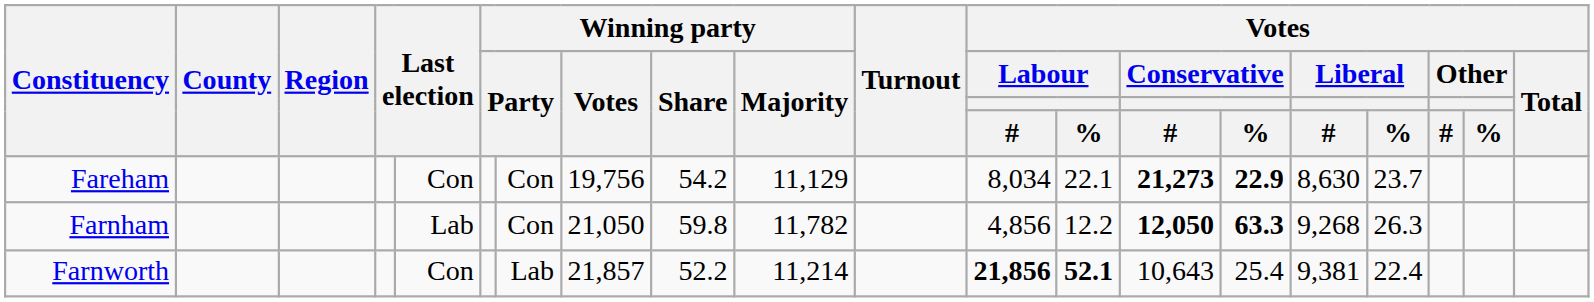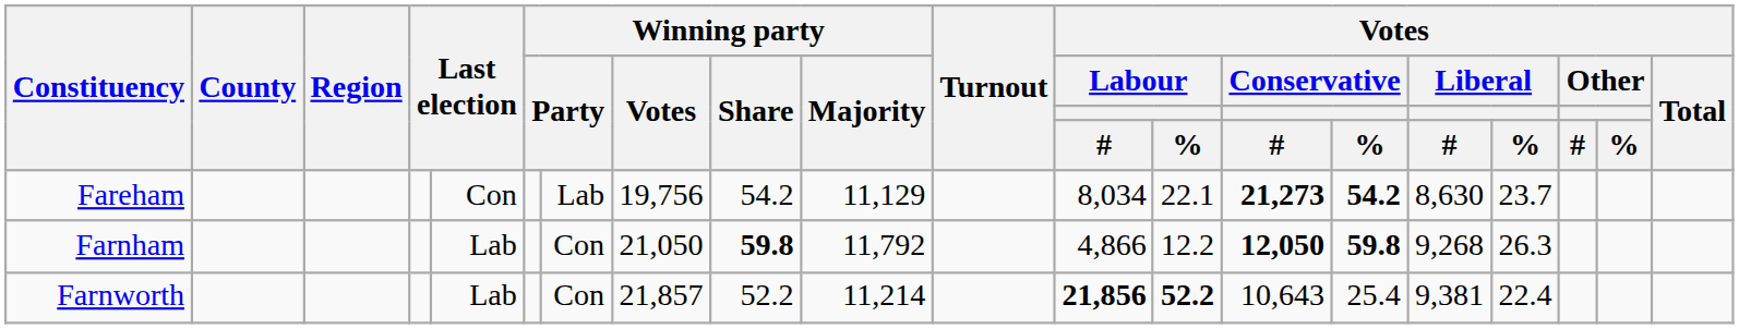 <table class="wikitable sortable" style="text-align:right; font-size:80%">
 <tr>
 <th rowspan="4" scope="col" style="text-align:left;"><a href='#'>Constituency</a></th>
 <th rowspan="4" scope="col"><a href='#'>County</a></th>
 <th rowspan="4" scope="col"><a href='#'>Region</a></th>
 <th colspan="2" rowspan="4" scope="col">Last<br>election</th>
 <th scope="col" colspan="5">Winning party</th>
 <th rowspan="4" scope="col">Turnout<br></th>
 <th colspan="9" scope="col">Votes</th>
 </tr>
 <tr>
 <th colspan="2" rowspan="3" scope="col">Party</th>
 <th rowspan="3" scope="col">Votes</th>
 <th rowspan="3" scope="col">Share</th>
 <th rowspan="3" scope="col">Majority</th>
 <th colspan="2" scope="col"><a href='#'>Labour</a></th>
 <th colspan="2" scope="col"><a href='#'>Conservative</a></th>
 <th colspan="2" scope="col"><a href='#'>Liberal</a></th>
 <th colspan="2" scope="col">Other</th>
 <th rowspan="3" scope="col">Total</th>
 </tr>
 <tr>
 <th colspan="2" scope="col" style="background:"></th>
 <th colspan="2" scope="col" style="background:"></th>
 <th colspan="2" scope="col" style="background:"></th>
 <th colspan="2"></th>
 </tr>
 <tr>
 <th>#</th>
 <th>%</th>
 <th>#</th>
 <th>%</th>
 <th>#</th>
 <th>%</th>
 <th>#</th>
 <th>%</th>
 </tr>
 <tr>
 <td><a href='#'>Fareham</a></td>
 <td></td>
 <td></td>
 <td></td>
 <td>Con</td>
 <td></td>
-<td>Con</td>
+<td>Lab</td>
 <td>19,756</td>
 <td>54.2</td>
 <td>11,129</td>
 <td></td>
 <td>8,034</td>
 <td>22.1</td>
 <td><strong>21,273</strong></td>
-<td><strong>22.9</strong></td>
+<td><strong>54.2</strong></td>
 <td>8,630</td>
 <td>23.7</td>
 <td></td>
 <td></td>
 <td></td>
 </tr>
 <tr>
 <td><a href='#'>Farnham</a></td>
 <td></td>
 <td></td>
 <td></td>
 <td>Lab</td>
 <td></td>
 <td>Con</td>
 <td>21,050</td>
-<td>59.8</td>
-<td>11,782</td>
+<td><strong>59.8</strong></td>
+<td>11,792</td>
 <td></td>
-<td>4,856</td>
+<td>4,866</td>
 <td>12.2</td>
 <td><strong>12,050</strong></td>
-<td><strong>63.3</strong></td>
+<td><strong>59.8</strong></td>
 <td>9,268</td>
 <td>26.3</td>
 <td></td>
 <td></td>
 <td></td>
 </tr>
 <tr>
 <td><a href='#'>Farnworth</a></td>
 <td></td>
 <td></td>
 <td></td>
+<td>Lab</td>
+<td></td>
 <td>Con</td>
-<td></td>
-<td>Lab</td>
 <td>21,857</td>
 <td>52.2</td>
 <td>11,214</td>
 <td></td>
 <td><strong>21,856</strong></td>
-<td><strong>52.1</strong></td>
+<td><strong>52.2</strong></td>
 <td>10,643</td>
 <td>25.4</td>
 <td>9,381</td>
 <td>22.4</td>
 <td></td>
 <td></td>
 <td></td>
 </tr>
 </table>
